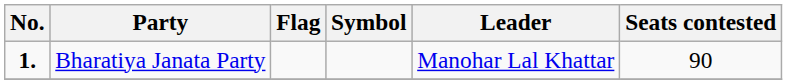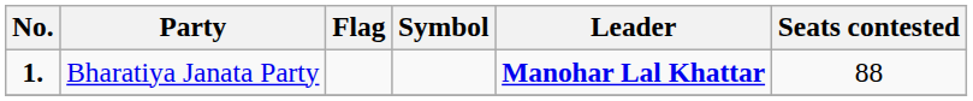 <table class="wikitable">
 <tr>
 <th>No.</th>
 <th>Party</th>
 <th>Flag</th>
 <th>Symbol</th>
 <th>Leader</th>
 <th>Seats contested</th>
 </tr>
 <tr>
 <td ! style="text-align:center; background:"><strong>1.</strong></td>
 <td style="text-align:center"><a href='#'>Bharatiya Janata Party</a></td>
 <td></td>
 <td></td>
-<td style="text-align:center"><a href='#'>Manohar Lal Khattar</a></td>
-<td style="text-align:center">90</td>
+<td style="text-align:center"><strong><a href='#'>Manohar Lal Khattar</a></strong></td>
+<td style="text-align:center">88</td>
 </tr>
 <tr>
 </tr>
 </table>
